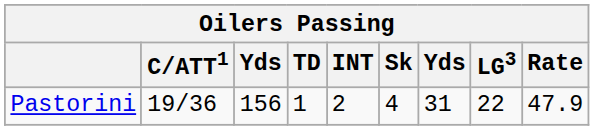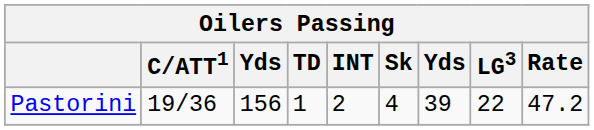 <table class="wikitable">
 <tr>
 <th colspan="9">Oilers Passing</th>
 </tr>
 <tr>
 <th></th>
 <th>C/ATT<sup>1</sup></th>
 <th>Yds</th>
 <th>TD</th>
 <th>INT</th>
 <th>Sk</th>
 <th>Yds</th>
 <th>LG<sup>3</sup></th>
 <th>Rate</th>
 </tr>
 <tr>
 <td><a href='#'>Pastorini</a></td>
 <td>19/36</td>
 <td>156</td>
 <td>1</td>
 <td>2</td>
 <td>4</td>
-<td>31</td>
+<td>39</td>
 <td>22</td>
-<td>47.9</td>
+<td>47.2</td>
 </tr>
 </table>
